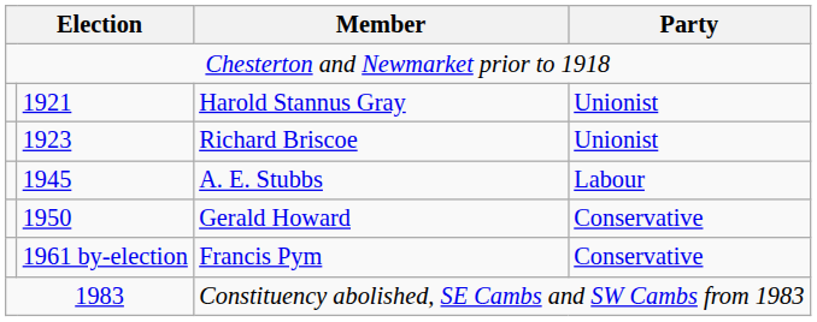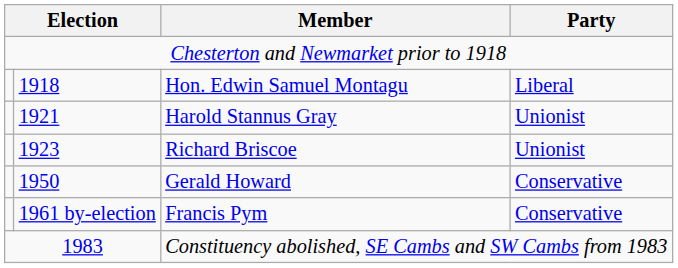 <table class="wikitable">
 <tr>
 <th colspan="2">Election</th>
 <th>Member</th>
 <th>Party</th>
 </tr>
 <tr>
 <td colspan="4" align="center"><em><a href='#'>Chesterton</a> and <a href='#'>Newmarket</a> prior to 1918</em></td>
+</tr>
+<tr>
+<td style="color:inherit;background-color: "></td>
+<td><a href='#'>1918</a></td>
+<td><a href='#'>Hon. Edwin Samuel Montagu</a></td>
+<td><a href='#'>Liberal</a></td>
 </tr>
 <tr>
 <td style="color:inherit;background-color: "></td>
 <td><a href='#'>1921</a></td>
 <td><a href='#'>Harold Stannus Gray</a></td>
 <td><a href='#'>Unionist</a></td>
 </tr>
 <tr>
 <td style="color:inherit;background-color: "></td>
 <td><a href='#'>1923</a></td>
 <td><a href='#'>Richard Briscoe</a></td>
 <td><a href='#'>Unionist</a></td>
-</tr>
-<tr>
-<td style="color:inherit;background-color: "></td>
-<td><a href='#'>1945</a></td>
-<td><a href='#'>A. E. Stubbs</a></td>
-<td><a href='#'>Labour</a></td>
 </tr>
 <tr>
 <td style="color:inherit;background-color: "></td>
 <td><a href='#'>1950</a></td>
 <td><a href='#'>Gerald Howard</a></td>
 <td><a href='#'>Conservative</a></td>
 </tr>
 <tr>
 <td style="color:inherit;background-color: "></td>
 <td><a href='#'>1961 by-election</a></td>
 <td><a href='#'>Francis Pym</a></td>
 <td><a href='#'>Conservative</a></td>
 </tr>
 <tr>
 <td colspan="2" align="center"><a href='#'>1983</a></td>
 <td colspan="2"><em>Constituency abolished, <a href='#'>SE Cambs</a> and <a href='#'>SW Cambs</a> from 1983</em></td>
 </tr>
 </table>
